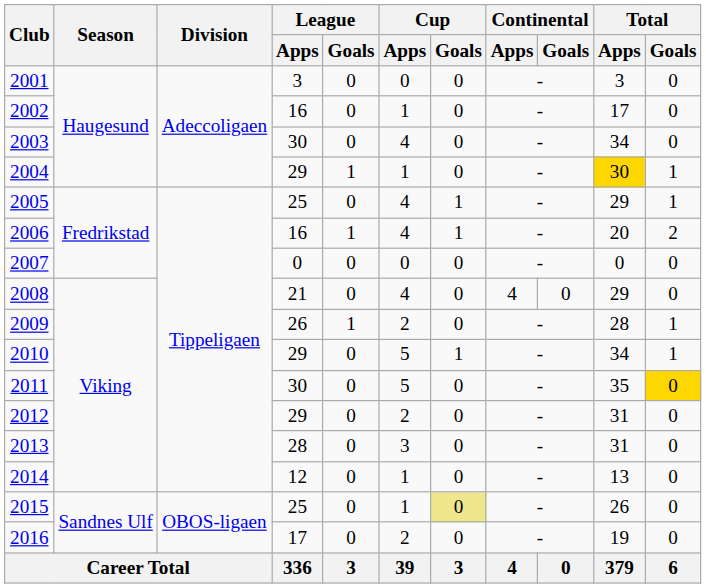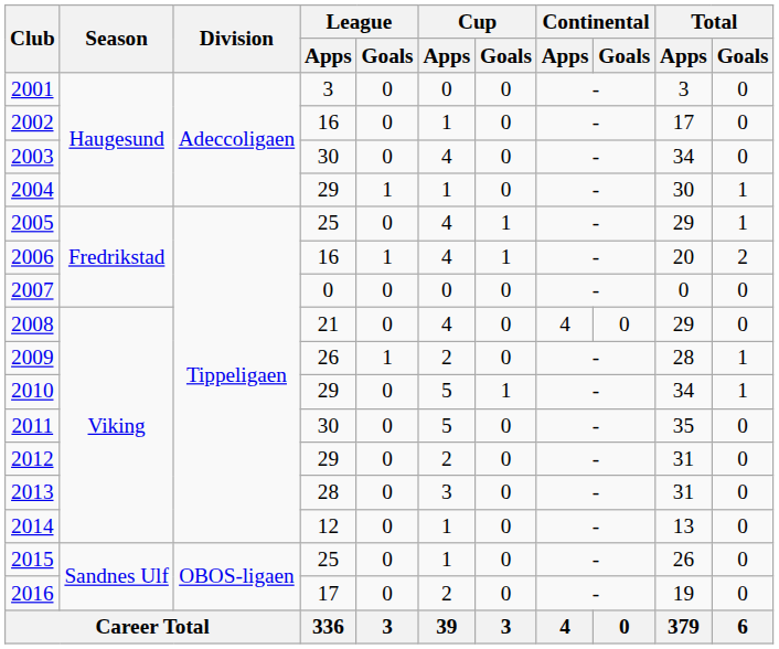 <table class="wikitable" style="text-align: center;">
 <tr>
 <th rowspan="2">Club</th>
 <th rowspan="2">Season</th>
 <th rowspan="2">Division</th>
 <th colspan="2">League</th>
 <th colspan="2">Cup</th>
 <th colspan="2">Continental</th>
 <th colspan="2">Total</th>
 </tr>
 <tr>
 <th>Apps</th>
 <th>Goals</th>
 <th>Apps</th>
 <th>Goals</th>
 <th>Apps</th>
 <th>Goals</th>
 <th>Apps</th>
 <th>Goals</th>
 </tr>
 <tr>
 <td><a href='#'>2001</a></td>
 <td rowspan="4" valign="center"><a href='#'>Haugesund</a></td>
 <td rowspan="4" valign="center"><a href='#'>Adeccoligaen</a></td>
 <td>3</td>
 <td>0</td>
 <td>0</td>
 <td>0</td>
 <td colspan="2">-</td>
 <td>3</td>
 <td>0</td>
 </tr>
 <tr>
 <td><a href='#'>2002</a></td>
 <td>16</td>
 <td>0</td>
 <td>1</td>
 <td>0</td>
 <td colspan="2">-</td>
 <td>17</td>
 <td>0</td>
 </tr>
 <tr>
 <td><a href='#'>2003</a></td>
 <td>30</td>
 <td>0</td>
 <td>4</td>
 <td>0</td>
 <td colspan="2">-</td>
 <td>34</td>
 <td>0</td>
 </tr>
 <tr>
 <td><a href='#'>2004</a></td>
 <td>29</td>
 <td>1</td>
 <td>1</td>
 <td>0</td>
 <td colspan="2">-</td>
-<td style="background: gold;">30</td>
+<td>30</td>
 <td>1</td>
 </tr>
 <tr>
 <td><a href='#'>2005</a></td>
 <td rowspan="3" valign="center"><a href='#'>Fredrikstad</a></td>
 <td rowspan="10" valign="center"><a href='#'>Tippeligaen</a></td>
 <td>25</td>
 <td>0</td>
 <td>4</td>
 <td>1</td>
 <td colspan="2">-</td>
 <td>29</td>
 <td>1</td>
 </tr>
 <tr>
 <td><a href='#'>2006</a></td>
 <td>16</td>
 <td>1</td>
 <td>4</td>
 <td>1</td>
 <td colspan="2">-</td>
 <td>20</td>
 <td>2</td>
 </tr>
 <tr>
 <td><a href='#'>2007</a></td>
 <td>0</td>
 <td>0</td>
 <td>0</td>
 <td>0</td>
 <td colspan="2">-</td>
 <td>0</td>
 <td>0</td>
 </tr>
 <tr>
 <td><a href='#'>2008</a></td>
 <td rowspan="7" valign="center"><a href='#'>Viking</a></td>
 <td>21</td>
 <td>0</td>
 <td>4</td>
 <td>0</td>
 <td>4</td>
 <td>0</td>
 <td>29</td>
 <td>0</td>
 </tr>
 <tr>
 <td><a href='#'>2009</a></td>
 <td>26</td>
 <td>1</td>
 <td>2</td>
 <td>0</td>
 <td colspan="2">-</td>
 <td>28</td>
 <td>1</td>
 </tr>
 <tr>
 <td><a href='#'>2010</a></td>
 <td>29</td>
 <td>0</td>
 <td>5</td>
 <td>1</td>
 <td colspan="2">-</td>
 <td>34</td>
 <td>1</td>
 </tr>
 <tr>
 <td><a href='#'>2011</a></td>
 <td>30</td>
 <td>0</td>
 <td>5</td>
 <td>0</td>
 <td colspan="2">-</td>
 <td>35</td>
-<td style="background: gold;">0</td>
+<td>0</td>
 </tr>
 <tr>
 <td><a href='#'>2012</a></td>
 <td>29</td>
 <td>0</td>
 <td>2</td>
 <td>0</td>
 <td colspan="2">-</td>
 <td>31</td>
 <td>0</td>
 </tr>
 <tr>
 <td><a href='#'>2013</a></td>
 <td>28</td>
 <td>0</td>
 <td>3</td>
 <td>0</td>
 <td colspan="2">-</td>
 <td>31</td>
 <td>0</td>
 </tr>
 <tr>
 <td><a href='#'>2014</a></td>
 <td>12</td>
 <td>0</td>
 <td>1</td>
 <td>0</td>
 <td colspan="2">-</td>
 <td>13</td>
 <td>0</td>
 </tr>
 <tr>
 <td><a href='#'>2015</a></td>
 <td rowspan="2" valign="center"><a href='#'>Sandnes Ulf</a></td>
 <td rowspan="2" valign="center"><a href='#'>OBOS-ligaen</a></td>
 <td>25</td>
 <td>0</td>
 <td>1</td>
-<td style="background: khaki;">0</td>
+<td>0</td>
 <td colspan="2">-</td>
 <td>26</td>
 <td>0</td>
 </tr>
 <tr>
 <td><a href='#'>2016</a></td>
 <td>17</td>
 <td>0</td>
 <td>2</td>
 <td>0</td>
 <td colspan="2">-</td>
 <td>19</td>
 <td>0</td>
 </tr>
 <tr>
 <th colspan="3">Career Total</th>
 <th>336</th>
 <th>3</th>
 <th>39</th>
 <th>3</th>
 <th>4</th>
 <th>0</th>
 <th>379</th>
 <th>6</th>
 </tr>
 </table>
